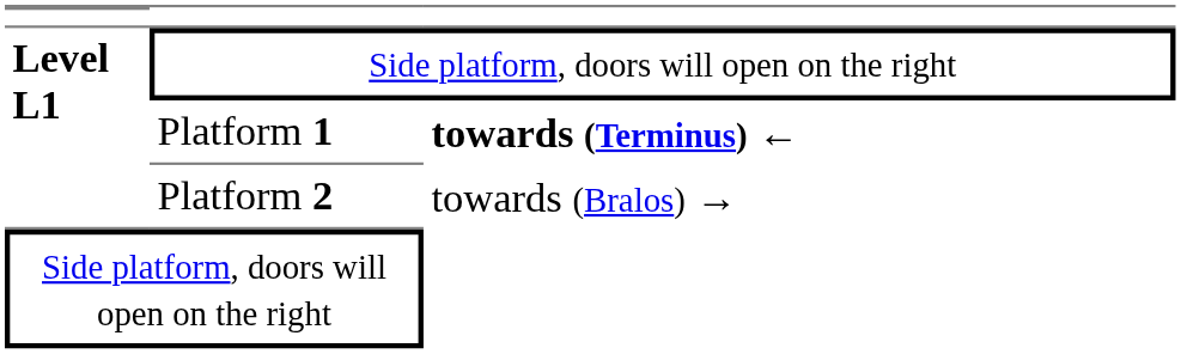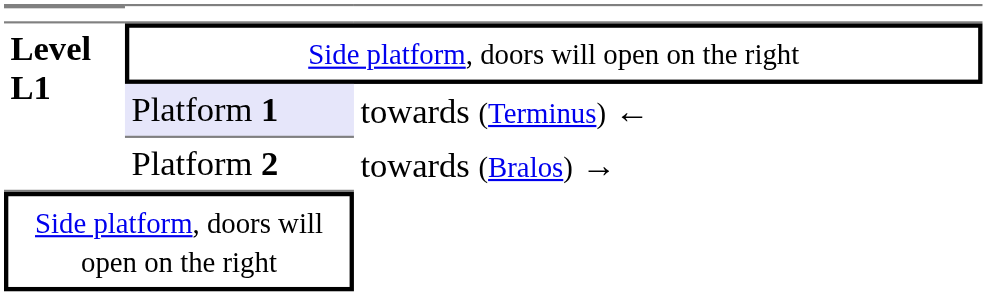 <table table border=0 cellspacing=0 cellpadding=3>
 <tr>
 <td style="border-bottom:solid 1px gray;border-top:solid 2px gray;" width=50 valign=top></td>
 <td style="border-top:solid 1px gray;border-bottom:solid 1px gray;" width=100 valign=top></td>
 <td style="border-top:solid 1px gray;border-bottom:solid 1px gray;" width=285 valign=top></td>
 </tr>
 <tr>
 <td style="border-bottom:solid 1px gray;" rowspan=4 valign=top><strong>Level<br>L1</strong></td>
 <td style="border-top:solid 2px black;border-right:solid 2px black;border-left:solid 2px black;border-bottom:solid 2px black;text-align:center;" colspan=2><small><a href='#'>Side platform</a>, doors will open on the right</small></td>
 </tr>
 <tr>
-<td style="border-bottom:solid 1px gray;">Platform <span><strong>1</strong></span></td>
-<td><strong> towards  <small>(<a href='#'>Terminus</a>)</small> ←</strong></td>
+<td style="background: lavender; border-bottom:solid 1px gray;">Platform <span><strong>1</strong></span></td>
+<td> towards  <small>(<a href='#'>Terminus</a>)</small> ←</td>
 </tr>
 <tr>
 <td style="border-bottom:solid 1px gray;">Platform <span><strong>2</strong></span></td>
 <td> towards  <small>(<a href='#'>Bralos</a>)</small> →</td>
 </tr>
 <tr>
 </tr>
 <tr>
 <td style="border-top:solid 2px black;border-left:solid 2px black;border-right:solid 2px black;border-bottom:solid 2px black;text-align:center;" colspan=2><small><a href='#'>Side platform</a>, doors will open on the right</small></td>
 </tr>
 </table>
